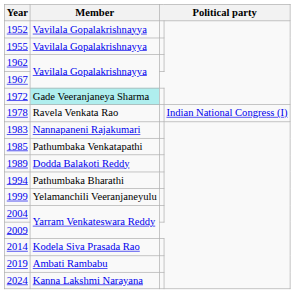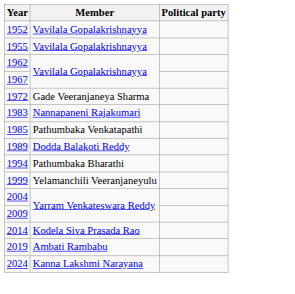 <table class="wikitable sortable">
 <tr>
 <th>Year</th>
 <th>Member</th>
 <th colspan="2">Political party</th>
 </tr>
 <tr>
 <td><a href='#'>1952</a></td>
 <td><a href='#'>Vavilala Gopalakrishnayya</a></td>
 <td></td>
 </tr>
 <tr>
 <td><a href='#'>1955</a></td>
 <td><a href='#'>Vavilala Gopalakrishnayya</a></td>
 <td></td>
 </tr>
 <tr>
 <td><a href='#'>1962</a></td>
 <td rowspan=2><a href='#'>Vavilala Gopalakrishnayya</a></td>
 <td></td>
 </tr>
 <tr>
 <td><a href='#'>1967</a></td>
 </tr>
 <tr>
 <td><a href='#'>1972</a></td>
-<td style="background: paleturquoise;">Gade Veeranjaneya Sharma</td>
+<td>Gade Veeranjaneya Sharma</td>
 <td></td>
-</tr>
-<tr>
-<td><a href='#'>1978</a></td>
-<td>Ravela Venkata Rao</td>
-<td style="background-color: "></td>
-<td><a href='#'>Indian National Congress (I)</a></td>
 </tr>
 <tr>
 <td><a href='#'>1983</a></td>
 <td><a href='#'>Nannapaneni Rajakumari</a></td>
 <td></td>
 </tr>
 <tr>
 <td><a href='#'>1985</a></td>
 <td>Pathumbaka Venkatapathi</td>
 <td></td>
 </tr>
 <tr>
 <td><a href='#'>1989</a></td>
 <td><a href='#'>Dodda Balakoti Reddy</a></td>
 <td></td>
 </tr>
 <tr>
 <td><a href='#'>1994</a></td>
 <td>Pathumbaka Bharathi</td>
 <td></td>
 </tr>
 <tr>
 <td><a href='#'>1999</a></td>
 <td>Yelamanchili Veeranjaneyulu</td>
 <td></td>
 </tr>
 <tr>
 <td><a href='#'>2004</a></td>
 <td rowspan="2"><a href='#'>Yarram Venkateswara Reddy</a></td>
 <td></td>
 </tr>
 <tr>
 <td><a href='#'>2009</a></td>
 </tr>
 <tr>
 <td><a href='#'>2014</a></td>
 <td><a href='#'>Kodela Siva Prasada Rao</a></td>
 <td></td>
 </tr>
 <tr>
 <td><a href='#'>2019</a></td>
 <td><a href='#'>Ambati Rambabu</a></td>
 <td></td>
 </tr>
 <tr>
 <td><a href='#'>2024</a></td>
 <td><a href='#'>Kanna Lakshmi Narayana</a></td>
 <td></td>
 </tr>
 </table>
